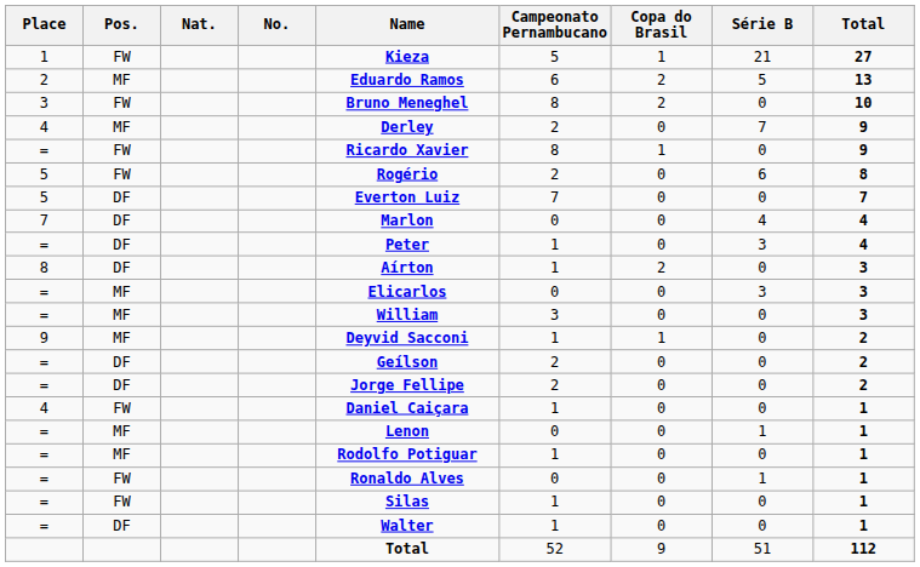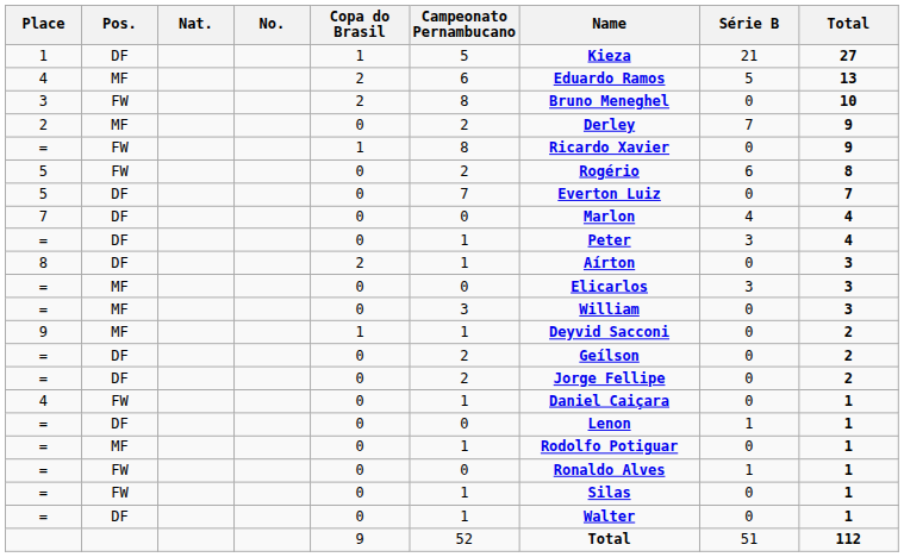 <table class="wikitable" style="font-size: 95%; text-align: center;">
 <tr>
 <th width=60>Place</th>
 <th width=60>Pos.</th>
 <th width=60>Nat.</th>
 <th width=60>No.</th>
+<th width=80>Copa do Brasil</th>
+<th width=80>Campeonato Pernambucano</th>
 <th width=150>Name</th>
-<th width=80>Campeonato Pernambucano</th>
-<th width=80>Copa do Brasil</th>
 <th width=80>Série B</th>
 <th width=80>Total</th>
 </tr>
 <tr>
 <td>1</td>
-<td>FW</td>
+<td>DF</td>
 <td></td>
 <td></td>
+<td>1</td>
+<td>5</td>
 <td><strong><a href='#'>Kieza</a></strong></td>
-<td>5</td>
-<td>1</td>
 <td>21</td>
 <td><strong>27</strong></td>
 </tr>
 <tr>
-<td>2</td>
+<td>4</td>
 <td>MF</td>
 <td></td>
 <td></td>
+<td>2</td>
+<td>6</td>
 <td><strong><a href='#'>Eduardo Ramos</a></strong></td>
-<td>6</td>
-<td>2</td>
 <td>5</td>
 <td><strong>13</strong></td>
 </tr>
 <tr>
 <td>3</td>
 <td>FW</td>
 <td></td>
 <td></td>
+<td>2</td>
+<td>8</td>
 <td><strong><a href='#'>Bruno Meneghel</a></strong></td>
-<td>8</td>
-<td>2</td>
 <td>0</td>
 <td><strong>10</strong></td>
 </tr>
 <tr>
-<td>4</td>
+<td>2</td>
 <td>MF</td>
 <td></td>
 <td></td>
+<td>0</td>
+<td>2</td>
 <td><strong><a href='#'>Derley</a></strong></td>
-<td>2</td>
-<td>0</td>
 <td>7</td>
 <td><strong>9</strong></td>
 </tr>
 <tr>
 <td>=</td>
 <td>FW</td>
 <td></td>
 <td></td>
+<td>1</td>
+<td>8</td>
 <td><strong><a href='#'>Ricardo Xavier</a></strong></td>
-<td>8</td>
-<td>1</td>
 <td>0</td>
 <td><strong>9</strong></td>
 </tr>
 <tr>
 <td>5</td>
 <td>FW</td>
 <td></td>
 <td></td>
+<td>0</td>
+<td>2</td>
 <td><strong><a href='#'>Rogério</a></strong></td>
-<td>2</td>
-<td>0</td>
 <td>6</td>
 <td><strong>8</strong></td>
 </tr>
 <tr>
 <td>5</td>
 <td>DF</td>
 <td></td>
 <td></td>
+<td>0</td>
+<td>7</td>
 <td><strong><a href='#'>Everton Luiz</a></strong></td>
-<td>7</td>
-<td>0</td>
 <td>0</td>
 <td><strong>7</strong></td>
 </tr>
 <tr>
 <td>7</td>
 <td>DF</td>
 <td></td>
 <td></td>
-<td><strong><a href='#'>Marlon</a></strong></td>
 <td>0</td>
 <td>0</td>
+<td><strong><a href='#'>Marlon</a></strong></td>
 <td>4</td>
 <td><strong>4</strong></td>
 </tr>
 <tr>
 <td>=</td>
 <td>DF</td>
 <td></td>
 <td></td>
+<td>0</td>
+<td>1</td>
 <td><strong><a href='#'>Peter</a></strong></td>
-<td>1</td>
-<td>0</td>
 <td>3</td>
 <td><strong>4</strong></td>
 </tr>
 <tr>
 <td>8</td>
 <td>DF</td>
 <td></td>
 <td></td>
+<td>2</td>
+<td>1</td>
 <td><strong><a href='#'>Aírton</a></strong></td>
-<td>1</td>
-<td>2</td>
 <td>0</td>
 <td><strong>3</strong></td>
 </tr>
 <tr>
 <td>=</td>
 <td>MF</td>
 <td></td>
 <td></td>
-<td><strong><a href='#'>Elicarlos</a></strong></td>
 <td>0</td>
 <td>0</td>
+<td><strong><a href='#'>Elicarlos</a></strong></td>
 <td>3</td>
 <td><strong>3</strong></td>
 </tr>
 <tr>
 <td>=</td>
 <td>MF</td>
 <td></td>
 <td></td>
+<td>0</td>
+<td>3</td>
 <td><strong><a href='#'>William</a></strong></td>
-<td>3</td>
-<td>0</td>
 <td>0</td>
 <td><strong>3</strong></td>
 </tr>
 <tr>
 <td>9</td>
 <td>MF</td>
 <td></td>
 <td></td>
-<td><strong><a href='#'>Deyvid Sacconi</a></strong></td>
 <td>1</td>
 <td>1</td>
+<td><strong><a href='#'>Deyvid Sacconi</a></strong></td>
 <td>0</td>
 <td><strong>2</strong></td>
 </tr>
 <tr>
 <td>=</td>
 <td>DF</td>
 <td></td>
 <td></td>
+<td>0</td>
+<td>2</td>
 <td><strong><a href='#'>Geílson</a></strong></td>
-<td>2</td>
-<td>0</td>
 <td>0</td>
 <td><strong>2</strong></td>
 </tr>
 <tr>
 <td>=</td>
 <td>DF</td>
 <td></td>
 <td></td>
+<td>0</td>
+<td>2</td>
 <td><strong><a href='#'>Jorge Fellipe</a></strong></td>
-<td>2</td>
-<td>0</td>
 <td>0</td>
 <td><strong>2</strong></td>
 </tr>
 <tr>
 <td>4</td>
 <td>FW</td>
 <td></td>
 <td></td>
+<td>0</td>
+<td>1</td>
 <td><strong><a href='#'>Daniel Caiçara</a></strong></td>
-<td>1</td>
-<td>0</td>
 <td>0</td>
 <td><strong>1</strong></td>
 </tr>
 <tr>
 <td>=</td>
-<td>MF</td>
+<td>DF</td>
 <td></td>
 <td></td>
-<td><strong><a href='#'>Lenon</a></strong></td>
 <td>0</td>
 <td>0</td>
+<td><strong><a href='#'>Lenon</a></strong></td>
 <td>1</td>
 <td><strong>1</strong></td>
 </tr>
 <tr>
 <td>=</td>
 <td>MF</td>
 <td></td>
 <td></td>
+<td>0</td>
+<td>1</td>
 <td><strong><a href='#'>Rodolfo Potiguar</a></strong></td>
-<td>1</td>
-<td>0</td>
 <td>0</td>
 <td><strong>1</strong></td>
 </tr>
 <tr>
 <td>=</td>
 <td>FW</td>
 <td></td>
 <td></td>
-<td><strong><a href='#'>Ronaldo Alves</a></strong></td>
 <td>0</td>
 <td>0</td>
+<td><strong><a href='#'>Ronaldo Alves</a></strong></td>
 <td>1</td>
 <td><strong>1</strong></td>
 </tr>
 <tr>
 <td>=</td>
 <td>FW</td>
 <td></td>
 <td></td>
+<td>0</td>
+<td>1</td>
 <td><strong><a href='#'>Silas</a></strong></td>
-<td>1</td>
-<td>0</td>
 <td>0</td>
 <td><strong>1</strong></td>
 </tr>
 <tr>
 <td>=</td>
 <td>DF</td>
 <td></td>
 <td></td>
+<td>0</td>
+<td>1</td>
 <td><strong><a href='#'>Walter</a></strong></td>
-<td>1</td>
-<td>0</td>
 <td>0</td>
 <td><strong>1</strong></td>
 </tr>
 <tr>
 <td></td>
 <td></td>
 <td></td>
 <td></td>
+<td>9</td>
+<td>52</td>
 <td><strong>Total</strong></td>
-<td>52</td>
-<td>9</td>
 <td>51</td>
 <td><strong>112</strong></td>
 </tr>
 </table>
